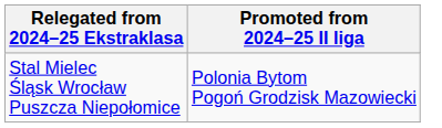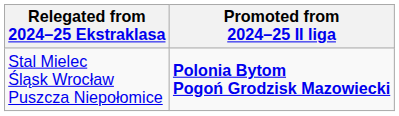 <table class="wikitable">
 <tr>
 <th>Relegated from<br><a href='#'>2024–25 Ekstraklasa</a></th>
 <th>Promoted from<br><a href='#'>2024–25 II liga</a></th>
 </tr>
 <tr>
 <td> <a href='#'>Stal Mielec</a> <br> <a href='#'>Śląsk Wrocław</a> <br> <a href='#'>Puszcza Niepołomice</a></td>
-<td> <a href='#'>Polonia Bytom</a> <br>  <a href='#'>Pogoń Grodzisk Mazowiecki</a> <br>  </td>
+<td><strong> <a href='#'>Polonia Bytom</a> <br>  <a href='#'>Pogoń Grodzisk Mazowiecki</a> <br>  </strong></td>
 </tr>
 </table>
